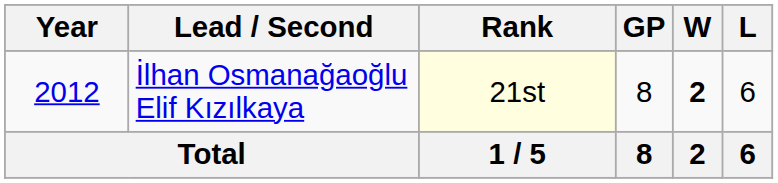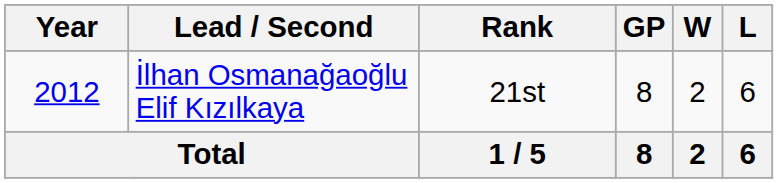 <table class="wikitable" style="text-align: center;">
 <tr>
 <th width="60">Year</th>
 <th width="150">Lead / Second</th>
 <th width="100">Rank</th>
 <th width="20">GP</th>
 <th width="20">W</th>
 <th width="20">L</th>
 </tr>
 <tr>
 <td> <a href='#'>2012</a></td>
 <td align=left><a href='#'>İlhan Osmanağaoğlu</a><br><a href='#'>Elif Kızılkaya</a></td>
-<td style="background: lightyellow;">21st</td>
+<td>21st</td>
 <td>8</td>
-<td><strong>2</strong></td>
+<td>2</td>
 <td>6</td>
 </tr>
 <tr>
 <th colspan=2>Total</th>
 <th>1 / 5</th>
 <th>8</th>
 <th>2</th>
 <th>6</th>
 </tr>
 </table>
